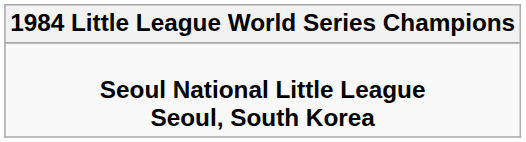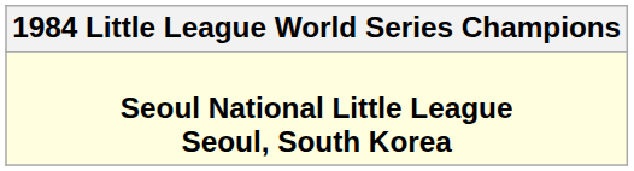 <table class="wikitable" style="text-align: center; margin: 0 auto;">
 <tr>
 <th>1984 Little League World Series Champions</th>
 </tr>
 <tr>
 </tr>
 <tr>
-<td><br><strong>Seoul National Little League</strong><br><strong>Seoul, South Korea</strong></td>
+<td style="background: lightyellow;"><br><strong>Seoul National Little League</strong><br><strong>Seoul, South Korea</strong></td>
 </tr>
 </table>
